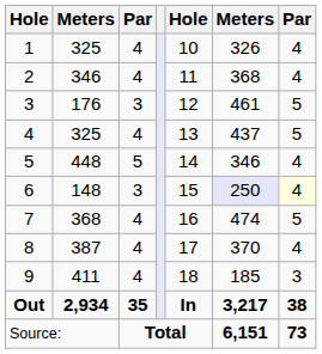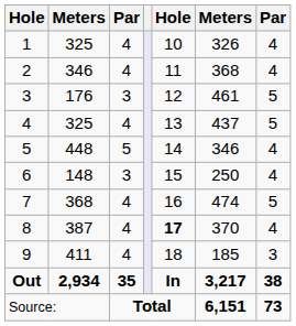 <table class="wikitable" style="text-align:center; font-size:100%;">
 <tr>
 <th>Hole</th>
 <th>Meters</th>
 <th>Par</th>
 <th></th>
 <th>Hole</th>
 <th>Meters</th>
 <th>Par</th>
 </tr>
 <tr>
 <td>1</td>
 <td>325</td>
 <td>4</td>
 <td rowspan="10" style="background:#E6E8FA;"></td>
 <td>10</td>
 <td>326</td>
 <td>4</td>
 </tr>
 <tr>
 <td>2</td>
 <td>346</td>
 <td>4</td>
 <td>11</td>
 <td>368</td>
 <td>4</td>
 </tr>
 <tr>
 <td>3</td>
 <td>176</td>
 <td>3</td>
 <td>12</td>
 <td>461</td>
 <td>5</td>
 </tr>
 <tr>
 <td>4</td>
 <td>325</td>
 <td>4</td>
 <td>13</td>
 <td>437</td>
 <td>5</td>
 </tr>
 <tr>
 <td>5</td>
 <td>448</td>
 <td>5</td>
 <td>14</td>
 <td>346</td>
 <td>4</td>
 </tr>
 <tr>
 <td>6</td>
 <td>148</td>
 <td>3</td>
 <td>15</td>
-<td style="background: lavender;">250</td>
-<td style="background: lightyellow;">4</td>
+<td>250</td>
+<td>4</td>
 </tr>
 <tr>
 <td>7</td>
 <td>368</td>
 <td>4</td>
 <td>16</td>
 <td>474</td>
 <td>5</td>
 </tr>
 <tr>
 <td>8</td>
 <td>387</td>
 <td>4</td>
-<td>17</td>
+<td><strong>17</strong></td>
 <td>370</td>
 <td>4</td>
 </tr>
 <tr>
 <td>9</td>
 <td>411</td>
 <td>4</td>
 <td>18</td>
 <td>185</td>
 <td>3</td>
 </tr>
 <tr>
 <td><strong>Out</strong></td>
 <td><strong>2,934</strong></td>
 <td><strong>35</strong></td>
 <td><strong>In</strong></td>
 <td><strong>3,217</strong></td>
 <td><strong>38</strong></td>
 </tr>
 <tr>
 <td colspan="2" align="left"><small>Source:</small></td>
 <td colspan="3"><strong>Total</strong></td>
 <td><strong>6,151</strong></td>
 <td><strong>73</strong></td>
 </tr>
 </table>
